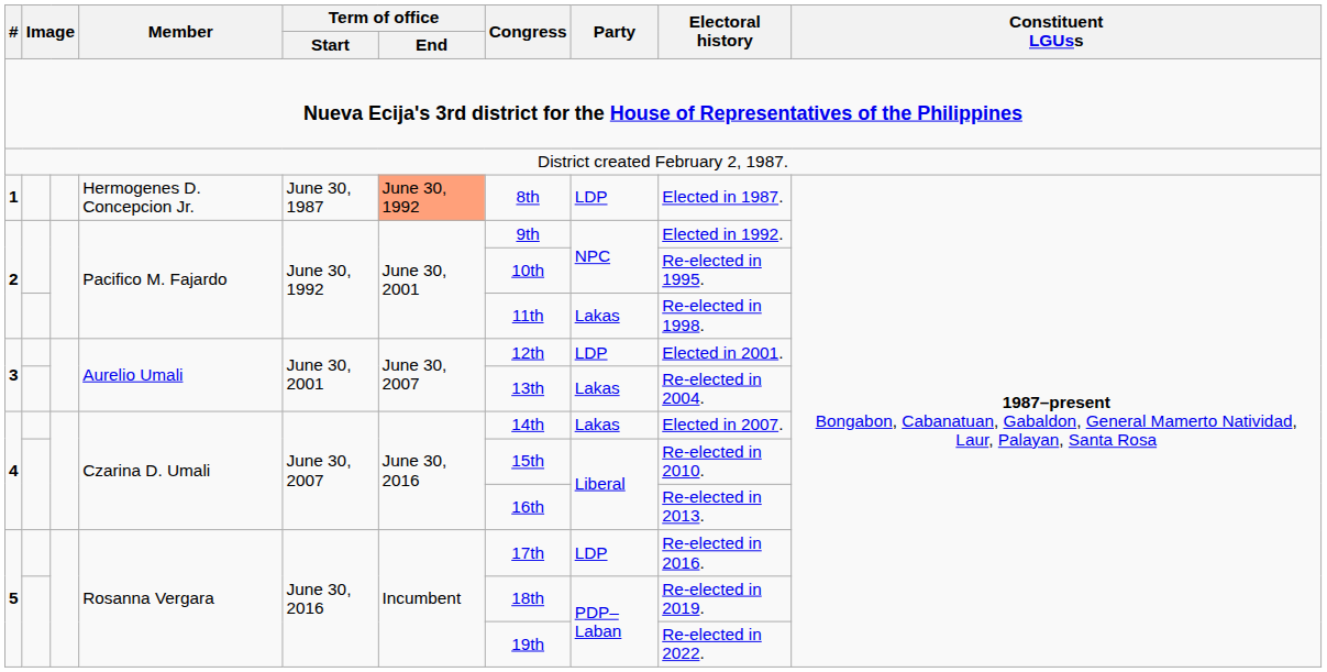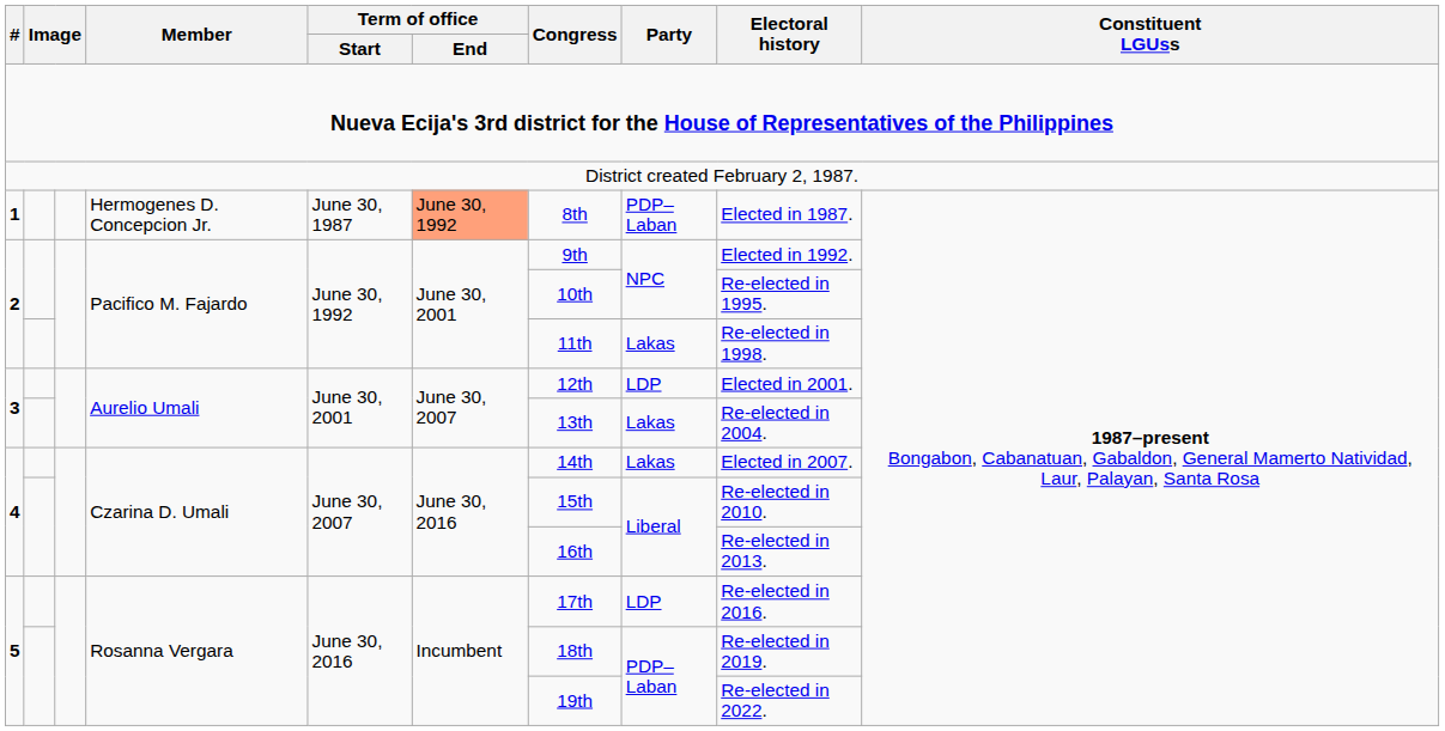 <table class=wikitable>
 <tr>
 <th rowspan="2">#</th>
 <th rowspan="2" colspan=2>Image</th>
 <th rowspan="2">Member</th>
 <th colspan=2>Term of office</th>
 <th rowspan="2">Congress</th>
 <th rowspan="2">Party</th>
 <th rowspan="2">Electoral history</th>
 <th rowspan="2">Constituent<br><a href='#'>LGUs</a>s</th>
 </tr>
 <tr>
 <th>Start</th>
 <th>End</th>
 </tr>
 <tr>
 <td colspan="10" style="text-align:center;"><br><h3>Nueva Ecija's 3rd district for the <a href='#'>House of Representatives of the Philippines</a></h3></td>
 </tr>
 <tr>
 <td colspan="10" style="text-align:center;">District created February 2, 1987.</td>
 </tr>
 <tr>
 <td style="text-align:center;"><strong>1</strong></td>
 <td style="color:inherit;background:"></td>
 <td></td>
 <td>Hermogenes D. Concepcion Jr.</td>
 <td>June 30, 1987</td>
 <td style="background: lightsalmon;">June 30, 1992</td>
 <td style="text-align:center;"><a href='#'>8th</a></td>
-<td><a href='#'>LDP</a></td>
+<td><a href='#'>PDP–Laban</a></td>
 <td><a href='#'>Elected in 1987</a>.</td>
 <td rowspan="12" style="text-align:center;"><strong>1987–present</strong><br><a href='#'>Bongabon</a>, <a href='#'>Cabanatuan</a>, <a href='#'>Gabaldon</a>, <a href='#'>General Mamerto Natividad</a>, <a href='#'>Laur</a>, <a href='#'>Palayan</a>, <a href='#'>Santa Rosa</a></td>
 </tr>
 <tr>
 <td rowspan="3" style="text-align:center;"><strong>2</strong></td>
 <td rowspan="2" style="color:inherit;background:"></td>
 <td rowspan="3"></td>
 <td rowspan="3">Pacifico M. Fajardo</td>
 <td rowspan="3">June 30, 1992</td>
 <td rowspan="3">June 30, 2001</td>
 <td style="text-align:center;"><a href='#'>9th</a></td>
 <td rowspan="2"><a href='#'>NPC</a></td>
 <td><a href='#'>Elected in 1992</a>.</td>
 </tr>
 <tr>
 <td style="text-align:center;"><a href='#'>10th</a></td>
 <td><a href='#'>Re-elected in 1995</a>.</td>
 </tr>
 <tr>
 <td style="color:inherit;background:"></td>
 <td style="text-align:center;"><a href='#'>11th</a></td>
 <td><a href='#'>Lakas</a></td>
 <td><a href='#'>Re-elected in 1998</a>.</td>
 </tr>
 <tr>
 <td rowspan="2" style="text-align:center;"><strong>3</strong></td>
 <td style="color:inherit;background:"></td>
 <td rowspan="2"></td>
 <td rowspan="2"><a href='#'>Aurelio Umali</a></td>
 <td rowspan="2">June 30, 2001</td>
 <td rowspan="2">June 30, 2007</td>
 <td style="text-align:center;"><a href='#'>12th</a></td>
 <td><a href='#'>LDP</a></td>
 <td><a href='#'>Elected in 2001</a>.</td>
 </tr>
 <tr>
 <td style="color:inherit;background:"></td>
 <td style="text-align:center;"><a href='#'>13th</a></td>
 <td><a href='#'>Lakas</a></td>
 <td><a href='#'>Re-elected in 2004</a>.</td>
 </tr>
 <tr>
 <td rowspan="3" style="text-align:center;"><strong>4</strong></td>
 <td style="color:inherit;background:"></td>
 <td rowspan="3"></td>
 <td rowspan="3">Czarina D. Umali</td>
 <td rowspan="3">June 30, 2007</td>
 <td rowspan="3">June 30, 2016</td>
 <td style="text-align:center;"><a href='#'>14th</a></td>
 <td><a href='#'>Lakas</a></td>
 <td><a href='#'>Elected in 2007</a>.</td>
 </tr>
 <tr>
 <td rowspan="2" style="color:inherit;background:"></td>
 <td style="text-align:center;"><a href='#'>15th</a></td>
 <td rowspan="2"><a href='#'>Liberal</a></td>
 <td><a href='#'>Re-elected in 2010</a>.</td>
 </tr>
 <tr>
 <td style="text-align:center;"><a href='#'>16th</a></td>
 <td><a href='#'>Re-elected in 2013</a>.</td>
 </tr>
 <tr>
 <td rowspan="3" style="text-align:center;"><strong>5</strong></td>
 <td style="color:inherit;background:"></td>
 <td rowspan="3"></td>
 <td rowspan="3">Rosanna Vergara</td>
 <td rowspan="3">June 30, 2016</td>
 <td rowspan="3">Incumbent</td>
 <td style="text-align:center;"><a href='#'>17th</a></td>
 <td><a href='#'>LDP</a></td>
 <td><a href='#'>Re-elected in 2016</a>.</td>
 </tr>
 <tr>
 <td rowspan="2" style="color:inherit;background:"></td>
 <td style="text-align:center;"><a href='#'>18th</a></td>
 <td rowspan="2"><a href='#'>PDP–Laban</a></td>
 <td><a href='#'>Re-elected in 2019</a>.</td>
 </tr>
 <tr>
 <td style="text-align:center;"><a href='#'>19th</a></td>
 <td><a href='#'>Re-elected in 2022</a>.</td>
 </tr>
 </table>
